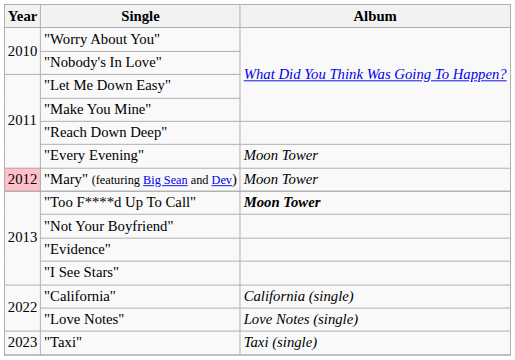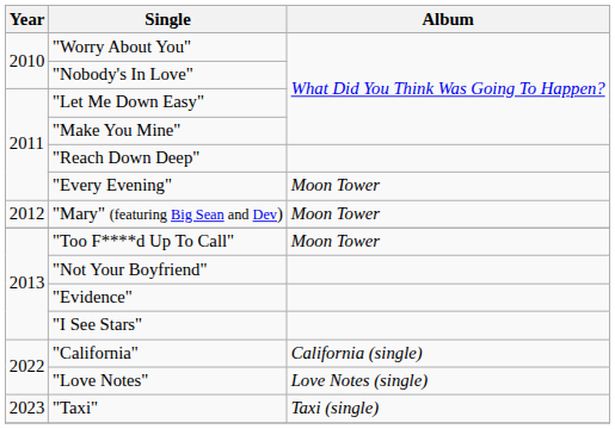 <table class="wikitable">
 <tr>
 <th>Year</th>
 <th>Single</th>
 <th>Album</th>
 </tr>
 <tr>
 <td rowspan="2">2010</td>
 <td>"Worry About You"</td>
 <td rowspan="4"><em><a href='#'>What Did You Think Was Going To Happen?</a></em></td>
 </tr>
 <tr>
 <td>"Nobody's In Love"</td>
 </tr>
 <tr>
 <td rowspan="4">2011</td>
 <td>"Let Me Down Easy"</td>
 </tr>
 <tr>
 <td>"Make You Mine"</td>
 </tr>
 <tr>
 <td>"Reach Down Deep"</td>
 <td></td>
 </tr>
 <tr>
 <td>"Every Evening"</td>
 <td><em>Moon Tower</em></td>
 </tr>
 <tr>
-<td rowspan="1" style="background: pink;">2012</td>
+<td rowspan="1">2012</td>
 <td>"Mary" <small> (featuring <a href='#'>Big Sean</a> and <a href='#'>Dev</a></small>)</td>
 <td><em>Moon Tower</em></td>
 </tr>
 <tr>
 </tr>
 <tr>
 <td rowspan="4">2013</td>
 <td>"Too F****d Up To Call"</td>
-<td><strong><em>Moon Tower</em></strong></td>
+<td><em>Moon Tower</em></td>
 </tr>
 <tr>
 <td>"Not Your Boyfriend"</td>
 <td></td>
 </tr>
 <tr>
 <td>"Evidence"</td>
 <td></td>
 </tr>
 <tr>
 <td>"I See Stars"</td>
 <td></td>
 </tr>
 <tr>
 <td rowspan="2">2022</td>
 <td>"California"</td>
 <td><em>California (single)</em></td>
 </tr>
 <tr>
 <td>"Love Notes"</td>
 <td><em>Love Notes (single)</em></td>
 </tr>
 <tr>
 <td rowspan="1">2023</td>
 <td>"Taxi"</td>
 <td><em>Taxi (single)</em></td>
 </tr>
 <tr>
 </tr>
 </table>
